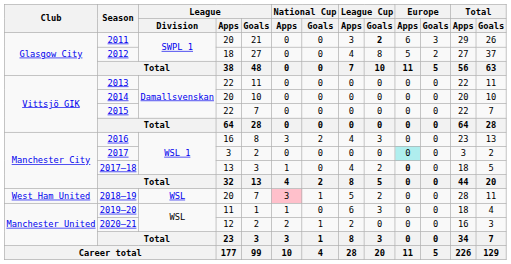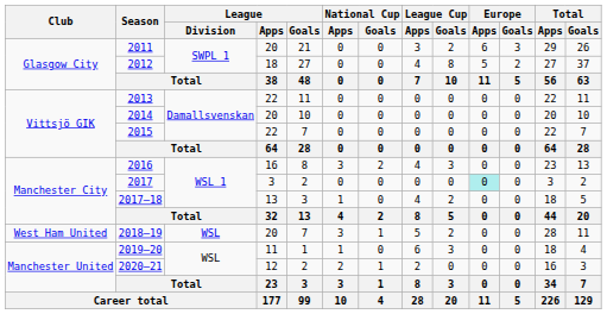 <table class="wikitable" style="text-align:center">
 <tr>
 <th rowspan="2">Club</th>
 <th rowspan="2">Season</th>
 <th colspan="3">League</th>
 <th colspan="2">National Cup</th>
 <th colspan="2">League Cup</th>
 <th colspan="2">Europe</th>
 <th colspan="2">Total</th>
 </tr>
 <tr>
 <th>Division</th>
 <th>Apps</th>
 <th>Goals</th>
 <th>Apps</th>
 <th>Goals</th>
 <th>Apps</th>
 <th>Goals</th>
 <th>Apps</th>
 <th>Goals</th>
 <th>Apps</th>
 <th>Goals</th>
 </tr>
 <tr>
 <td rowspan="3"><a href='#'>Glasgow City</a></td>
 <td><a href='#'>2011</a></td>
 <td rowspan="2"><a href='#'>SWPL 1</a></td>
 <td>20</td>
 <td>21</td>
 <td>0</td>
 <td>0</td>
 <td>3</td>
-<td><strong>2</strong></td>
+<td>2</td>
 <td>6</td>
 <td>3</td>
 <td>29</td>
 <td>26</td>
 </tr>
 <tr>
 <td><a href='#'>2012</a></td>
 <td>18</td>
 <td>27</td>
 <td>0</td>
 <td>0</td>
 <td>4</td>
 <td>8</td>
 <td>5</td>
 <td>2</td>
 <td>27</td>
 <td>37</td>
 </tr>
 <tr>
 <th colspan="2">Total</th>
 <th>38</th>
 <th>48</th>
 <th>0</th>
 <th>0</th>
 <th>7</th>
 <th>10</th>
 <th>11</th>
 <th>5</th>
 <th>56</th>
 <th>63</th>
 </tr>
 <tr>
 <td rowspan="4"><a href='#'>Vittsjö GIK</a></td>
 <td><a href='#'>2013</a></td>
 <td rowspan="3"><a href='#'>Damallsvenskan</a></td>
 <td>22</td>
 <td>11</td>
 <td>0</td>
 <td>0</td>
 <td>0</td>
 <td>0</td>
 <td>0</td>
 <td>0</td>
 <td>22</td>
 <td>11</td>
 </tr>
 <tr>
 <td><a href='#'>2014</a></td>
 <td>20</td>
 <td>10</td>
 <td>0</td>
 <td>0</td>
 <td>0</td>
 <td>0</td>
 <td>0</td>
 <td>0</td>
 <td>20</td>
 <td>10</td>
 </tr>
 <tr>
 <td><a href='#'>2015</a></td>
 <td>22</td>
 <td>7</td>
 <td>0</td>
 <td>0</td>
 <td>0</td>
 <td>0</td>
 <td>0</td>
 <td>0</td>
 <td>22</td>
 <td>7</td>
 </tr>
 <tr>
 <th colspan="2">Total</th>
 <th>64</th>
 <th>28</th>
 <th>0</th>
 <th>0</th>
 <th>0</th>
 <th>0</th>
 <th>0</th>
 <th>0</th>
 <th>64</th>
 <th>28</th>
 </tr>
 <tr>
 <td rowspan="4"><a href='#'>Manchester City</a></td>
 <td><a href='#'>2016</a></td>
 <td rowspan="3"><a href='#'>WSL 1</a></td>
 <td>16</td>
 <td>8</td>
 <td>3</td>
 <td>2</td>
 <td>4</td>
 <td>3</td>
 <td>0</td>
 <td>0</td>
 <td>23</td>
 <td>13</td>
 </tr>
 <tr>
 <td><a href='#'>2017</a></td>
 <td>3</td>
 <td>2</td>
 <td>0</td>
 <td>0</td>
 <td>0</td>
 <td>0</td>
 <td style="background: paleturquoise;">0</td>
 <td>0</td>
 <td>3</td>
 <td>2</td>
 </tr>
 <tr>
 <td><a href='#'>2017–18</a></td>
 <td>13</td>
 <td>3</td>
 <td>1</td>
 <td>0</td>
 <td>4</td>
 <td>2</td>
-<td><strong>0</strong></td>
+<td>0</td>
 <td>0</td>
 <td>18</td>
 <td>5</td>
 </tr>
 <tr>
 <th colspan="2">Total</th>
 <th>32</th>
 <th>13</th>
 <th>4</th>
 <th>2</th>
 <th>8</th>
 <th>5</th>
 <th>0</th>
 <th>0</th>
 <th>44</th>
 <th>20</th>
 </tr>
 <tr>
 <td><a href='#'>West Ham United</a></td>
 <td><a href='#'>2018–19</a></td>
 <td><a href='#'>WSL</a></td>
 <td>20</td>
 <td>7</td>
-<td style="background: pink;">3</td>
+<td>3</td>
 <td>1</td>
 <td>5</td>
 <td>2</td>
 <td>0</td>
 <td>0</td>
 <td>28</td>
 <td>11</td>
 </tr>
 <tr>
 <td rowspan="3"><a href='#'>Manchester United</a></td>
 <td><a href='#'>2019–20</a></td>
 <td rowspan="2">WSL</td>
 <td>11</td>
 <td>1</td>
 <td>1</td>
 <td>0</td>
 <td>6</td>
 <td>3</td>
 <td>0</td>
 <td>0</td>
 <td>18</td>
 <td>4</td>
 </tr>
 <tr>
 <td><a href='#'>2020–21</a></td>
 <td>12</td>
 <td>2</td>
 <td>2</td>
 <td>1</td>
 <td>2</td>
 <td>0</td>
 <td>0</td>
 <td>0</td>
 <td>16</td>
 <td>3</td>
 </tr>
 <tr>
 <th colspan=2>Total</th>
 <th>23</th>
 <th>3</th>
 <th>3</th>
 <th>1</th>
 <th>8</th>
 <th>3</th>
 <th>0</th>
 <th>0</th>
 <th>34</th>
 <th>7</th>
 </tr>
 <tr>
 <th colspan="3">Career total</th>
 <th>177</th>
 <th>99</th>
 <th>10</th>
 <th>4</th>
 <th>28</th>
 <th>20</th>
 <th>11</th>
 <th>5</th>
 <th>226</th>
 <th>129</th>
 </tr>
 </table>
